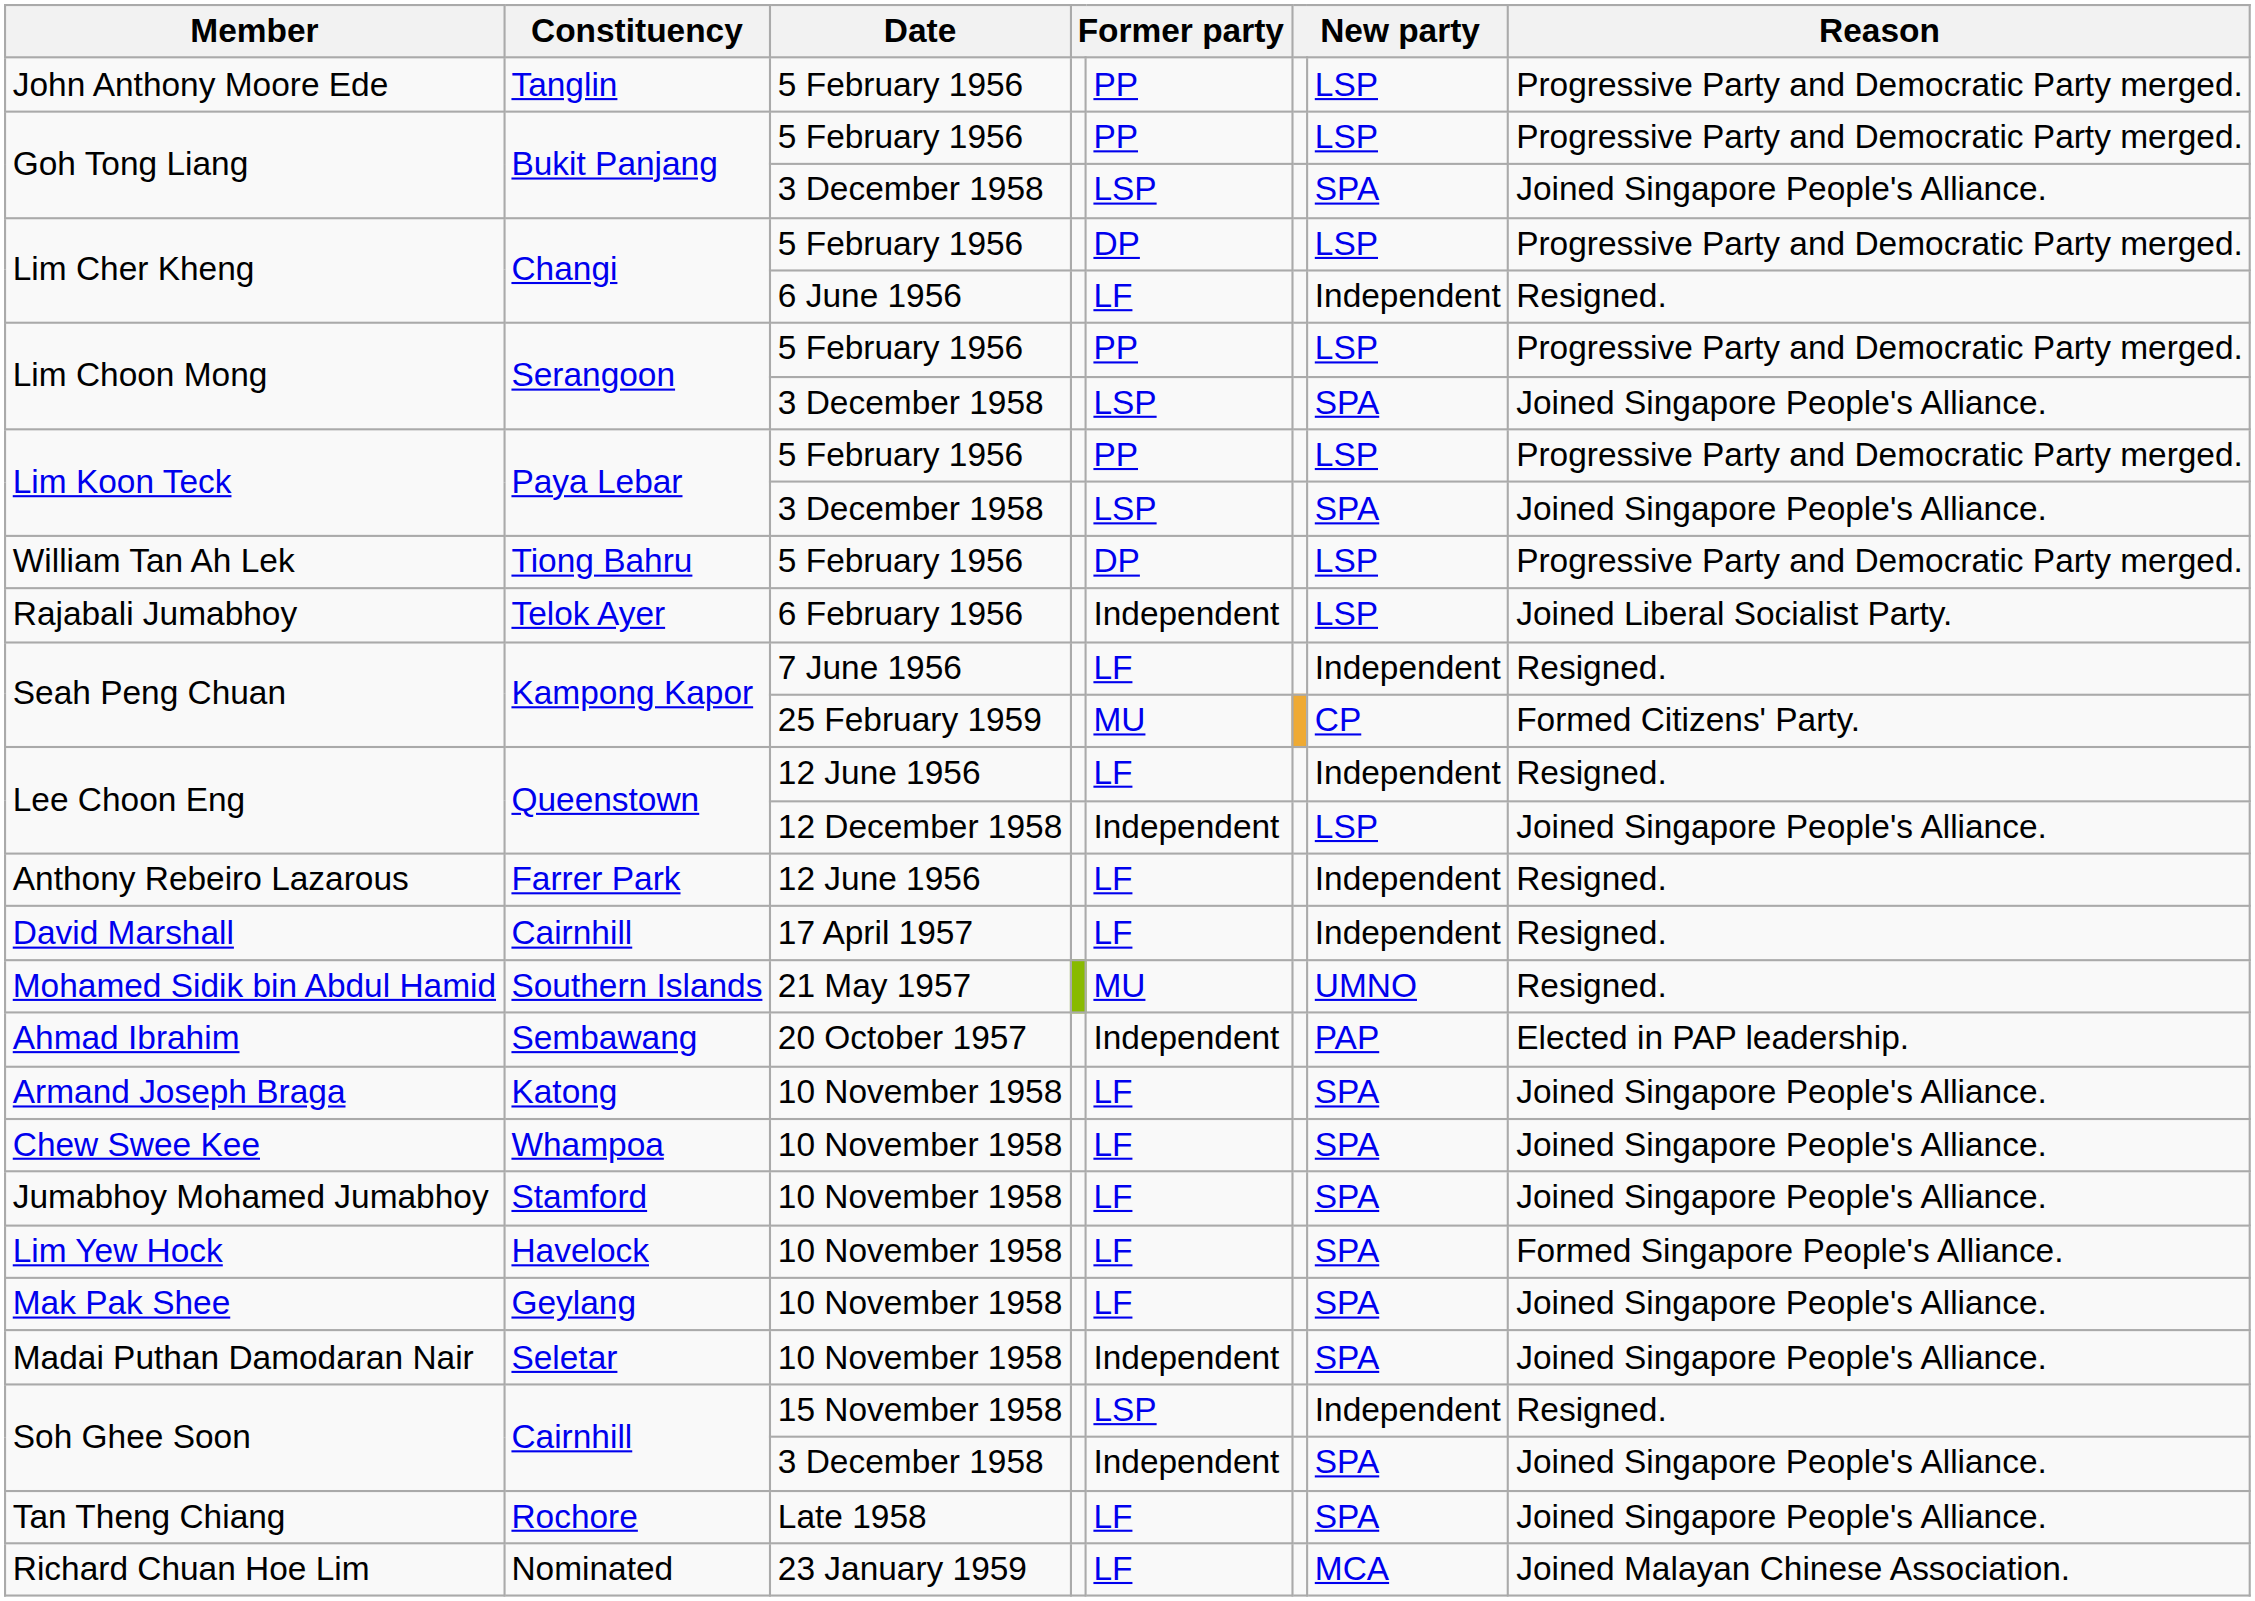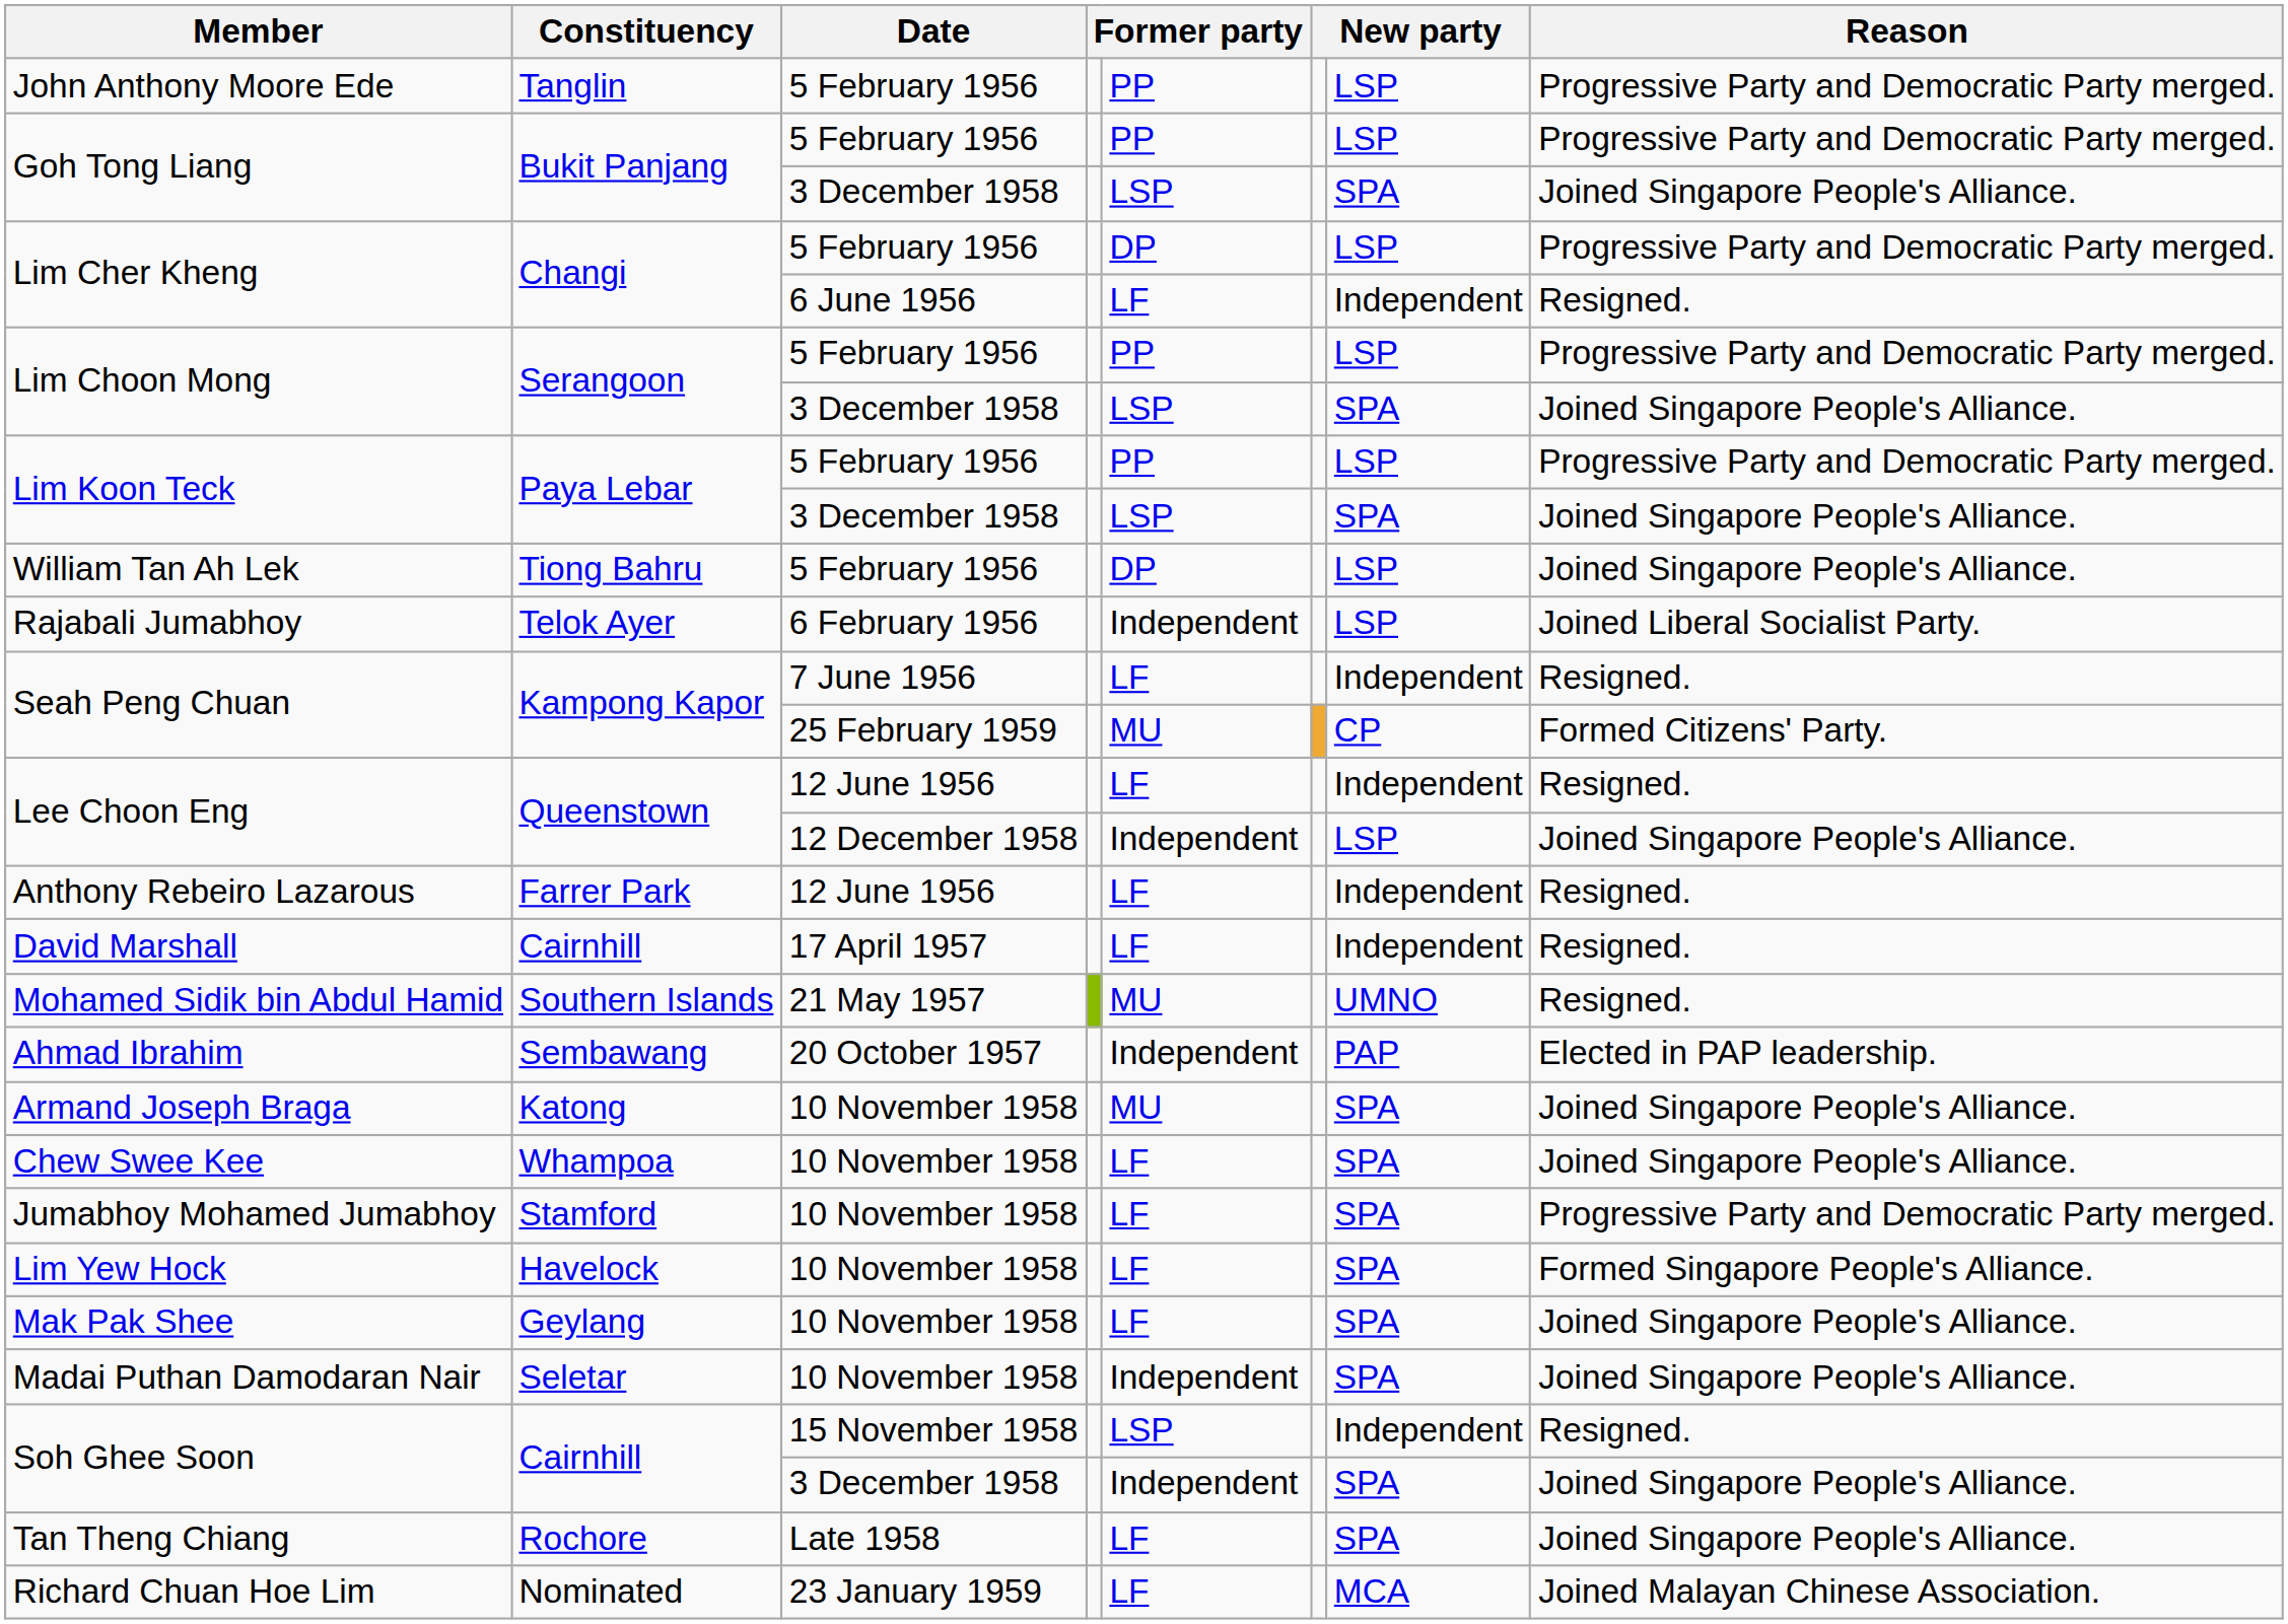 <table class="wikitable" border="1">
 <tr>
 <th>Member</th>
 <th>Constituency</th>
 <th>Date</th>
 <th colspan="2">Former party</th>
 <th colspan="2">New party</th>
 <th>Reason</th>
 </tr>
 <tr>
 <td>John Anthony Moore Ede</td>
 <td><a href='#'>Tanglin</a></td>
 <td>5 February 1956</td>
 <td></td>
 <td><a href='#'>PP</a></td>
 <td></td>
 <td><a href='#'>LSP</a></td>
 <td>Progressive Party and Democratic Party merged.</td>
 </tr>
 <tr>
 <td rowspan="2">Goh Tong Liang</td>
 <td rowspan="2"><a href='#'>Bukit Panjang</a></td>
 <td>5 February 1956</td>
 <td></td>
 <td><a href='#'>PP</a></td>
 <td></td>
 <td><a href='#'>LSP</a></td>
 <td>Progressive Party and Democratic Party merged.</td>
 </tr>
 <tr>
 <td>3 December 1958</td>
 <td></td>
 <td><a href='#'>LSP</a></td>
 <td></td>
 <td><a href='#'>SPA</a></td>
 <td>Joined Singapore People's Alliance.</td>
 </tr>
 <tr>
 <td rowspan="2">Lim Cher Kheng</td>
 <td rowspan="2"><a href='#'>Changi</a></td>
 <td>5 February 1956</td>
 <td></td>
 <td><a href='#'>DP</a></td>
 <td></td>
 <td><a href='#'>LSP</a></td>
 <td>Progressive Party and Democratic Party merged.</td>
 </tr>
 <tr>
 <td>6 June 1956</td>
 <td></td>
 <td><a href='#'>LF</a></td>
 <td></td>
 <td>Independent</td>
 <td>Resigned.</td>
 </tr>
 <tr>
 <td rowspan="2">Lim Choon Mong</td>
 <td rowspan="2"><a href='#'>Serangoon</a></td>
 <td>5 February 1956</td>
 <td></td>
 <td><a href='#'>PP</a></td>
 <td></td>
 <td><a href='#'>LSP</a></td>
 <td>Progressive Party and Democratic Party merged.</td>
 </tr>
 <tr>
 <td>3 December 1958</td>
 <td></td>
 <td><a href='#'>LSP</a></td>
 <td></td>
 <td><a href='#'>SPA</a></td>
 <td>Joined Singapore People's Alliance.</td>
 </tr>
 <tr>
 <td rowspan="2"><a href='#'>Lim Koon Teck</a></td>
 <td rowspan="2"><a href='#'>Paya Lebar</a></td>
 <td>5 February 1956</td>
 <td></td>
 <td><a href='#'>PP</a></td>
 <td></td>
 <td><a href='#'>LSP</a></td>
 <td>Progressive Party and Democratic Party merged.</td>
 </tr>
 <tr>
 <td>3 December 1958</td>
 <td></td>
 <td><a href='#'>LSP</a></td>
 <td></td>
 <td><a href='#'>SPA</a></td>
 <td>Joined Singapore People's Alliance.</td>
 </tr>
 <tr>
 <td>William Tan Ah Lek</td>
 <td><a href='#'>Tiong Bahru</a></td>
 <td>5 February 1956</td>
 <td></td>
 <td><a href='#'>DP</a></td>
 <td></td>
 <td><a href='#'>LSP</a></td>
-<td>Progressive Party and Democratic Party merged.</td>
+<td>Joined Singapore People's Alliance.</td>
 </tr>
 <tr>
 <td>Rajabali Jumabhoy</td>
 <td scope="row"><a href='#'>Telok Ayer</a></td>
 <td>6 February 1956</td>
 <td></td>
 <td>Independent</td>
 <td></td>
 <td><a href='#'>LSP</a></td>
 <td>Joined Liberal Socialist Party.</td>
 </tr>
 <tr>
 <td rowspan="2">Seah Peng Chuan</td>
 <td rowspan="2"><a href='#'>Kampong Kapor</a></td>
 <td>7 June 1956</td>
 <td></td>
 <td><a href='#'>LF</a></td>
 <td></td>
 <td>Independent</td>
 <td>Resigned.</td>
 </tr>
 <tr>
 <td>25 February 1959</td>
 <td></td>
 <td><a href='#'>MU</a></td>
 <td bgcolor=#EFAA33></td>
 <td><a href='#'>CP</a></td>
 <td>Formed Citizens' Party.</td>
 </tr>
 <tr>
 <td rowspan="2">Lee Choon Eng</td>
 <td rowspan="2"><a href='#'>Queenstown</a></td>
 <td>12 June 1956</td>
 <td></td>
 <td><a href='#'>LF</a></td>
 <td></td>
 <td>Independent</td>
 <td>Resigned.</td>
 </tr>
 <tr>
 <td>12 December 1958</td>
 <td></td>
 <td>Independent</td>
 <td></td>
 <td><a href='#'>LSP</a></td>
 <td>Joined Singapore People's Alliance.</td>
 </tr>
 <tr>
 <td>Anthony Rebeiro Lazarous</td>
 <td><a href='#'>Farrer Park</a></td>
 <td>12 June 1956</td>
 <td></td>
 <td><a href='#'>LF</a></td>
 <td></td>
 <td>Independent</td>
 <td>Resigned.</td>
 </tr>
 <tr>
 <td><a href='#'>David Marshall</a></td>
 <td><a href='#'>Cairnhill</a></td>
 <td>17 April 1957</td>
 <td></td>
 <td><a href='#'>LF</a></td>
 <td></td>
 <td>Independent</td>
 <td>Resigned.</td>
 </tr>
 <tr>
 <td><a href='#'>Mohamed Sidik bin Abdul Hamid</a></td>
 <td><a href='#'>Southern Islands</a></td>
 <td>21 May 1957</td>
 <td bgcolor=#88BA00></td>
 <td><a href='#'>MU</a></td>
 <td></td>
 <td><a href='#'>UMNO</a></td>
 <td>Resigned.</td>
 </tr>
 <tr>
 <td><a href='#'>Ahmad Ibrahim</a></td>
 <td><a href='#'>Sembawang</a></td>
 <td>20 October 1957</td>
 <td></td>
 <td>Independent</td>
 <td></td>
 <td><a href='#'>PAP</a></td>
 <td>Elected in PAP leadership.</td>
 </tr>
 <tr>
 <td><a href='#'>Armand Joseph Braga</a></td>
 <td><a href='#'>Katong</a></td>
 <td>10 November 1958</td>
 <td></td>
-<td><a href='#'>LF</a></td>
+<td><a href='#'>MU</a></td>
 <td></td>
 <td><a href='#'>SPA</a></td>
 <td>Joined Singapore People's Alliance.</td>
 </tr>
 <tr>
 <td><a href='#'>Chew Swee Kee</a></td>
 <td><a href='#'>Whampoa</a></td>
 <td>10 November 1958</td>
 <td></td>
 <td><a href='#'>LF</a></td>
 <td></td>
 <td><a href='#'>SPA</a></td>
 <td>Joined Singapore People's Alliance.</td>
 </tr>
 <tr>
 <td>Jumabhoy Mohamed Jumabhoy</td>
 <td><a href='#'>Stamford</a></td>
 <td>10 November 1958</td>
 <td></td>
 <td><a href='#'>LF</a></td>
 <td></td>
 <td><a href='#'>SPA</a></td>
-<td>Joined Singapore People's Alliance.</td>
+<td>Progressive Party and Democratic Party merged.</td>
 </tr>
 <tr>
 <td><a href='#'>Lim Yew Hock</a></td>
 <td><a href='#'>Havelock</a></td>
 <td>10 November 1958</td>
 <td></td>
 <td><a href='#'>LF</a></td>
 <td></td>
 <td><a href='#'>SPA</a></td>
 <td>Formed Singapore People's Alliance.</td>
 </tr>
 <tr>
 <td><a href='#'>Mak Pak Shee</a></td>
 <td><a href='#'>Geylang</a></td>
 <td>10 November 1958</td>
 <td></td>
 <td><a href='#'>LF</a></td>
 <td></td>
 <td><a href='#'>SPA</a></td>
 <td>Joined Singapore People's Alliance.</td>
 </tr>
 <tr>
 <td>Madai Puthan Damodaran Nair</td>
 <td><a href='#'>Seletar</a></td>
 <td>10 November 1958</td>
 <td></td>
 <td>Independent</td>
 <td></td>
 <td><a href='#'>SPA</a></td>
 <td>Joined Singapore People's Alliance.</td>
 </tr>
 <tr>
 <td rowspan="2">Soh Ghee Soon</td>
 <td rowspan="2"><a href='#'>Cairnhill</a></td>
 <td>15 November 1958</td>
 <td></td>
 <td><a href='#'>LSP</a></td>
 <td></td>
 <td>Independent</td>
 <td>Resigned.</td>
 </tr>
 <tr>
 <td>3 December 1958</td>
 <td></td>
 <td>Independent</td>
 <td></td>
 <td><a href='#'>SPA</a></td>
 <td>Joined Singapore People's Alliance.</td>
 </tr>
 <tr>
 <td>Tan Theng Chiang</td>
 <td><a href='#'>Rochore</a></td>
 <td>Late 1958</td>
 <td></td>
 <td><a href='#'>LF</a></td>
 <td></td>
 <td><a href='#'>SPA</a></td>
 <td>Joined Singapore People's Alliance.</td>
 </tr>
 <tr>
 <td>Richard Chuan Hoe Lim</td>
 <td>Nominated</td>
 <td>23 January 1959</td>
 <td></td>
 <td><a href='#'>LF</a></td>
 <td></td>
 <td><a href='#'>MCA</a></td>
 <td>Joined Malayan Chinese Association.</td>
 </tr>
 </table>
